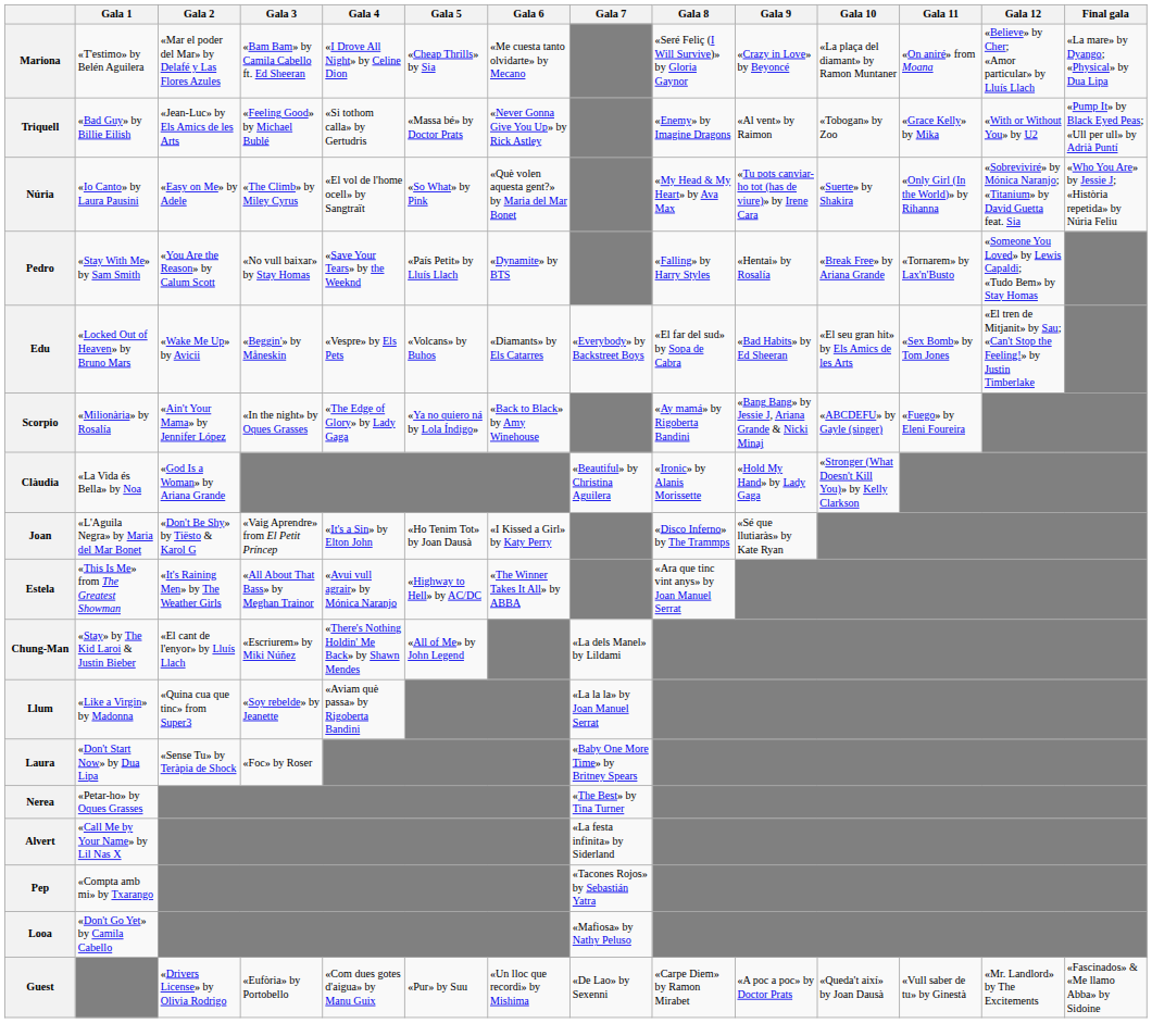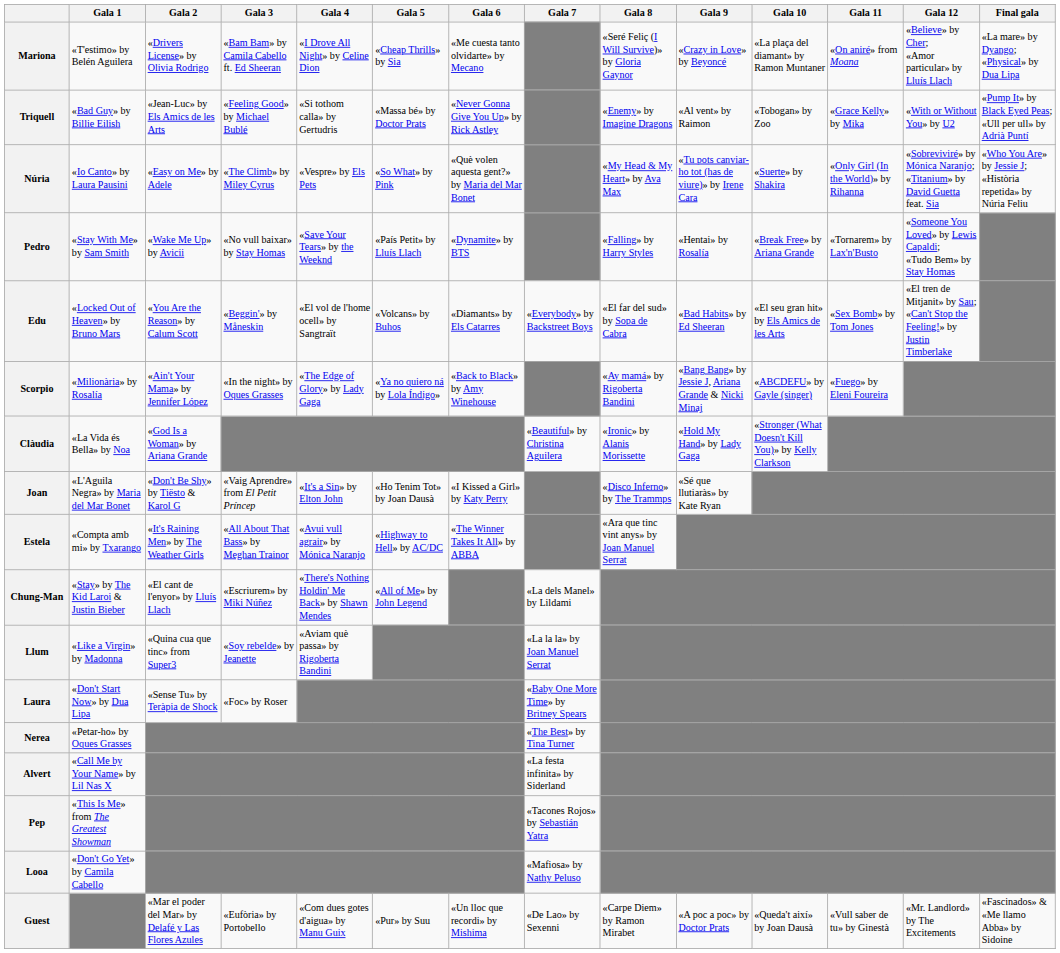 <table class="wikitable mw-collapsible" role="presentation" style="font-size:75%;" width:98%; text-align:center; margin-left: auto; margin-right: auto">
 <tr>
 <th style="width:6%"></th>
 <th style="width:7%">Gala 1</th>
 <th style="width:7%">Gala 2</th>
 <th style="width:7%">Gala 3</th>
 <th style="width:7%">Gala 4</th>
 <th style="width:7%">Gala 5</th>
 <th style="width:7%">Gala 6</th>
 <th style="width:7%">Gala 7</th>
 <th style="width:7%">Gala 8</th>
 <th style="width:7%">Gala 9</th>
 <th style="width:7%">Gala 10</th>
 <th style="width:7%">Gala 11</th>
 <th style="width:7%">Gala 12</th>
 <th style="width:7%">Final gala</th>
 </tr>
 <tr>
 <th>Mariona</th>
 <td>«T'estimo» by Belén Aguilera</td>
-<td>«Mar el poder del Mar» by <a href='#'>Delafé y Las Flores Azules</a></td>
+<td>«<a href='#'>Drivers License</a>» by <a href='#'>Olivia Rodrigo</a></td>
 <td>«<a href='#'>Bam Bam</a>» by <a href='#'>Camila Cabello</a> ft. <a href='#'>Ed Sheeran</a></td>
 <td>«<a href='#'>I Drove All Night</a>» by <a href='#'>Celine Dion</a></td>
 <td>«<a href='#'>Cheap Thrills</a>» by <a href='#'>Sia</a></td>
 <td>«Me cuesta tanto olvidarte» by <a href='#'>Mecano</a></td>
 <td style="background:gray"></td>
 <td>«Seré Feliç (<a href='#'>I Will Survive</a>)» by <a href='#'>Gloria Gaynor</a></td>
 <td>«<a href='#'>Crazy in Love</a>» by <a href='#'>Beyoncé</a></td>
 <td>«La plaça del diamant» by Ramon Muntaner</td>
 <td>«<a href='#'>On aniré</a>» from <em><a href='#'>Moana</a></em></td>
 <td>«<a href='#'>Believe</a>» by <a href='#'>Cher</a>;<br>«Amor particular» by <a href='#'>Lluís Llach</a></td>
 <td>«La mare» by <a href='#'>Dyango</a>; «<a href='#'>Physical</a>» by <a href='#'>Dua Lipa</a></td>
 </tr>
 <tr>
 <th>Triquell</th>
 <td>«<a href='#'>Bad Guy</a>» by <a href='#'>Billie Eilish</a></td>
 <td>«Jean-Luc» by <a href='#'>Els Amics de les Arts</a></td>
 <td>«<a href='#'>Feeling Good</a>» by <a href='#'>Michael Bublé</a></td>
 <td>«Si tothom calla» by Gertudris</td>
 <td>«Massa bé» by <a href='#'>Doctor Prats</a></td>
 <td>«<a href='#'>Never Gonna Give You Up</a>» by <a href='#'>Rick Astley</a></td>
 <td style="background:gray"></td>
 <td>«<a href='#'>Enemy</a>» by <a href='#'>Imagine Dragons</a></td>
 <td>«Al vent» by Raimon</td>
 <td>«Tobogan» by Zoo</td>
 <td>«<a href='#'>Grace Kelly</a>» by <a href='#'>Mika</a></td>
 <td>«<a href='#'>With or Without You</a>» by <a href='#'>U2</a></td>
 <td>«<a href='#'>Pump It</a>» by <a href='#'>Black Eyed Peas</a>; «Ull per ull» by <a href='#'>Adrià Puntí</a></td>
 </tr>
 <tr>
 <th>Núria</th>
 <td>«<a href='#'>Io Canto</a>» by <a href='#'>Laura Pausini</a></td>
 <td>«<a href='#'>Easy on Me</a>» by <a href='#'>Adele</a></td>
 <td>«<a href='#'>The Climb</a>» by <a href='#'>Miley Cyrus</a> </td>
-<td>«El vol de l'home ocell» by Sangtraït</td>
+<td>«Vespre» by <a href='#'>Els Pets</a></td>
 <td>«<a href='#'>So What</a>» by <a href='#'>Pink</a></td>
 <td>«Què volen aquesta gent?» by <a href='#'>Maria del Mar Bonet</a></td>
 <td style="background:gray"></td>
 <td>«<a href='#'>My Head & My Heart</a>» by <a href='#'>Ava Max</a></td>
 <td>«<a href='#'>Tu pots canviar-ho tot (has de viure)</a>» by <a href='#'>Irene Cara</a></td>
 <td>«<a href='#'>Suerte</a>» by <a href='#'>Shakira</a></td>
 <td>«<a href='#'>Only Girl (In the World)</a>» by <a href='#'>Rihanna</a></td>
 <td>«<a href='#'>Sobreviviré</a>» by <a href='#'>Mónica Naranjo</a>;<br>«<a href='#'>Titanium</a>» by <a href='#'>David Guetta</a> feat. <a href='#'>Sia</a></td>
 <td>«<a href='#'>Who You Are</a>» by <a href='#'>Jessie J</a>; «Història repetida» by Núria Feliu</td>
 </tr>
 <tr>
 <th>Pedro</th>
 <td>«<a href='#'>Stay With Me</a>» by <a href='#'>Sam Smith</a> </td>
-<td>«<a href='#'>You Are the Reason</a>» by <a href='#'>Calum Scott</a></td>
+<td>«<a href='#'>Wake Me Up</a>» by <a href='#'>Avicii</a></td>
 <td>«No vull baixar» by <a href='#'>Stay Homas</a></td>
 <td>«<a href='#'>Save Your Tears</a>» by <a href='#'>the Weeknd</a></td>
 <td>«País Petit» by <a href='#'>Lluís Llach</a></td>
 <td>«<a href='#'>Dynamite</a>» by <a href='#'>BTS</a></td>
 <td style="background:gray"></td>
 <td>«<a href='#'>Falling</a>» by <a href='#'>Harry Styles</a></td>
 <td>«Hentai» by <a href='#'>Rosalía</a></td>
 <td>«<a href='#'>Break Free</a>» by <a href='#'>Ariana Grande</a></td>
 <td>«Tornarem» by <a href='#'>Lax'n'Busto</a></td>
 <td>«<a href='#'>Someone You Loved</a>» by <a href='#'>Lewis Capaldi</a>;<br>«Tudo Bem» by <a href='#'>Stay Homas</a></td>
 <td style="background:gray"></td>
 </tr>
 <tr>
 <th>Edu</th>
 <td>«<a href='#'>Locked Out of Heaven</a>» by <a href='#'>Bruno Mars</a></td>
-<td>«<a href='#'>Wake Me Up</a>» by <a href='#'>Avicii</a></td>
+<td>«<a href='#'>You Are the Reason</a>» by <a href='#'>Calum Scott</a></td>
 <td>«<a href='#'>Beggin'</a>» by <a href='#'>Måneskin</a></td>
-<td>«Vespre» by <a href='#'>Els Pets</a></td>
+<td>«El vol de l'home ocell» by Sangtraït</td>
 <td>«Volcans» by <a href='#'>Buhos</a></td>
 <td>«Diamants» by <a href='#'>Els Catarres</a></td>
 <td>«<a href='#'>Everybody</a>» by <a href='#'>Backstreet Boys</a></td>
 <td>«El far del sud» by <a href='#'>Sopa de Cabra</a></td>
 <td>«<a href='#'>Bad Habits</a>» by <a href='#'>Ed Sheeran</a></td>
 <td>«El seu gran hit» by <a href='#'>Els Amics de les Arts</a></td>
 <td>«<a href='#'>Sex Bomb</a>» by <a href='#'>Tom Jones</a></td>
 <td>«El tren de Mitjanit» by <a href='#'>Sau</a>;<br>«<a href='#'>Can't Stop the Feeling!</a>» by <a href='#'>Justin Timberlake</a></td>
 <td style="background:gray"></td>
 </tr>
 <tr>
 <th>Scorpio</th>
 <td>«<a href='#'>Milionària</a>» by <a href='#'>Rosalía</a></td>
 <td>«<a href='#'>Ain't Your Mama</a>» by <a href='#'>Jennifer López</a></td>
 <td>«In the night» by <a href='#'>Oques Grasses</a></td>
 <td>«<a href='#'>The Edge of Glory</a>» by <a href='#'>Lady Gaga</a></td>
 <td>«<a href='#'>Ya no quiero ná</a> by <a href='#'>Lola Índigo</a>»</td>
 <td>«<a href='#'>Back to Black</a>» by <a href='#'>Amy Winehouse</a></td>
 <td style="background:gray"></td>
 <td>«<a href='#'>Ay mamá</a>» by <a href='#'>Rigoberta Bandini</a></td>
 <td>«<a href='#'>Bang Bang</a>» by <a href='#'>Jessie J</a>, <a href='#'>Ariana Grande</a> & <a href='#'>Nicki Minaj</a></td>
 <td>«<a href='#'>ABCDEFU</a>» by <a href='#'>Gayle (singer)</a></td>
 <td>«<a href='#'>Fuego</a>» by <a href='#'>Eleni Foureira</a></td>
 <td colspan=2 style="background:gray"></td>
 </tr>
 <tr>
 <th>Clàudia</th>
 <td>«La Vida és Bella» by <a href='#'>Noa</a></td>
 <td>«<a href='#'>God Is a Woman</a>» by <a href='#'>Ariana Grande</a></td>
 <td colspan=4 style="background:gray"></td>
 <td>«<a href='#'>Beautiful</a>» by <a href='#'>Christina Aguilera</a></td>
 <td>«<a href='#'>Ironic</a>» by <a href='#'>Alanis Morissette</a></td>
 <td>«<a href='#'>Hold My Hand</a>» by <a href='#'>Lady Gaga</a></td>
 <td>«<a href='#'>Stronger (What Doesn't Kill You)</a>» by <a href='#'>Kelly Clarkson</a></td>
 <td colspan=3 style="background:gray"></td>
 </tr>
 <tr>
 <th>Joan</th>
 <td>«L'Aguila Negra» by <a href='#'>Maria del Mar Bonet</a></td>
 <td>«<a href='#'>Don't Be Shy</a>» by <a href='#'>Tiësto</a> & <a href='#'>Karol G</a></td>
 <td>«Vaig Aprendre» from <em>El Petit Príncep</em></td>
 <td>«<a href='#'>It's a Sin</a>» by <a href='#'>Elton John</a></td>
 <td>«Ho Tenim Tot» by Joan Dausà</td>
 <td>«I Kissed a Girl» by <a href='#'>Katy Perry</a></td>
 <td style="background:gray"></td>
 <td>«<a href='#'>Disco Inferno</a>» by <a href='#'>The Trammps</a></td>
 <td>«Sé que llutiaràs» by Kate Ryan</td>
 <td colspan=4 style="background:gray"></td>
 </tr>
 <tr>
 <th>Estela</th>
-<td>«<a href='#'>This Is Me</a>» from <em><a href='#'>The Greatest Showman</a></em> </td>
+<td>«Compta amb mi» by <a href='#'>Txarango</a></td>
 <td>«<a href='#'>It's Raining Men</a>» by <a href='#'>The Weather Girls</a></td>
 <td>«<a href='#'>All About That Bass</a>» by <a href='#'>Meghan Trainor</a></td>
 <td>«<a href='#'>Avui vull agrair</a>» by <a href='#'>Mónica Naranjo</a></td>
 <td>«<a href='#'>Highway to Hell</a>» by <a href='#'>AC/DC</a></td>
 <td>«<a href='#'>The Winner Takes It All</a>» by <a href='#'>ABBA</a></td>
 <td style="background:gray"></td>
 <td>«Ara que tinc vint anys» by <a href='#'>Joan Manuel Serrat</a></td>
 <td colspan=5 style="background:gray"></td>
 </tr>
 <tr>
 <th>Chung-Man</th>
 <td>«<a href='#'>Stay</a>» by <a href='#'>The Kid Laroi</a> & <a href='#'>Justin Bieber</a></td>
 <td>«El cant de l'enyor» by <a href='#'>Lluís Llach</a></td>
 <td>«Escriurem» by <a href='#'>Miki Núñez</a></td>
 <td>«<a href='#'>There's Nothing Holdin' Me Back</a>» by <a href='#'>Shawn Mendes</a></td>
 <td>«<a href='#'>All of Me</a>» by <a href='#'>John Legend</a></td>
 <td style="background:gray"></td>
 <td>«La dels Manel» by Lildami</td>
 <td colspan=6 style="background:gray"></td>
 </tr>
 <tr>
 <th>Llum</th>
 <td>«<a href='#'>Like a Virgin</a>» by <a href='#'>Madonna</a></td>
 <td>«Quina cua que tinc» from <a href='#'>Super3</a></td>
 <td>«<a href='#'>Soy rebelde</a>» by <a href='#'>Jeanette</a></td>
 <td>«Aviam què passa» by <a href='#'>Rigoberta Bandini</a></td>
 <td colspan=2 style="background:gray"></td>
 <td>«La la la» by <a href='#'>Joan Manuel Serrat</a></td>
 <td colspan=6 style="background:gray"></td>
 </tr>
 <tr>
 <th>Laura</th>
 <td>«<a href='#'>Don't Start Now</a>» by <a href='#'>Dua Lipa</a></td>
 <td>«Sense Tu» by <a href='#'>Teràpia de Shock</a></td>
 <td>«Foc» by Roser</td>
 <td colspan=3 style="background:gray"></td>
 <td>«<a href='#'>Baby One More Time</a>» by <a href='#'>Britney Spears</a></td>
 <td colspan=6 style="background:gray"></td>
 </tr>
 <tr>
 <th>Nerea</th>
 <td>«Petar-ho» by <a href='#'>Oques Grasses</a></td>
 <td colspan=5 style="background:gray"></td>
 <td>«<a href='#'>The Best</a>» by <a href='#'>Tina Turner</a></td>
 <td colspan=6 style="background:gray"></td>
 </tr>
 <tr>
 <th>Alvert</th>
 <td>«<a href='#'>Call Me by Your Name</a>» by <a href='#'>Lil Nas X</a></td>
 <td colspan=5 style="background:gray"></td>
 <td>«La festa infinita» by Siderland</td>
 <td colspan=6 style="background:gray"></td>
 </tr>
 <tr>
 <th>Pep</th>
-<td>«Compta amb mi» by <a href='#'>Txarango</a></td>
+<td>«<a href='#'>This Is Me</a>» from <em><a href='#'>The Greatest Showman</a></em> </td>
 <td colspan=5 style="background:gray"></td>
 <td>«Tacones Rojos» by <a href='#'>Sebastián Yatra</a></td>
 <td colspan=6 style="background:gray"></td>
 </tr>
 <tr>
 <th>Looa</th>
 <td>«<a href='#'>Don't Go Yet</a>» by <a href='#'>Camila Cabello</a></td>
 <td colspan=5 style="background:gray"></td>
 <td>«Mafiosa» by <a href='#'>Nathy Peluso</a></td>
 <td colspan=6 style="background:gray"></td>
 </tr>
 <tr>
 <th>Guest</th>
 <td style="background:gray"></td>
-<td>«<a href='#'>Drivers License</a>» by <a href='#'>Olivia Rodrigo</a></td>
+<td>«Mar el poder del Mar» by <a href='#'>Delafé y Las Flores Azules</a></td>
 <td>«Eufòria» by Portobello</td>
 <td>«Com dues gotes d'aigua» by <a href='#'>Manu Guix</a></td>
 <td>«Pur» by Suu</td>
 <td>«Un lloc que recordi» by <a href='#'>Mishima</a></td>
 <td>«De Lao» by Sexenni</td>
 <td>«Carpe Diem» by Ramon Mirabet</td>
 <td>«A poc a poc» by <a href='#'>Doctor Prats</a></td>
 <td>«Queda't així» by Joan Dausà</td>
 <td>«Vull saber de tu» by Ginestà</td>
 <td>«Mr. Landlord» by The Excitements</td>
 <td>«Fascinados» & «Me llamo Abba» by Sidoine</td>
 </tr>
 </table>
